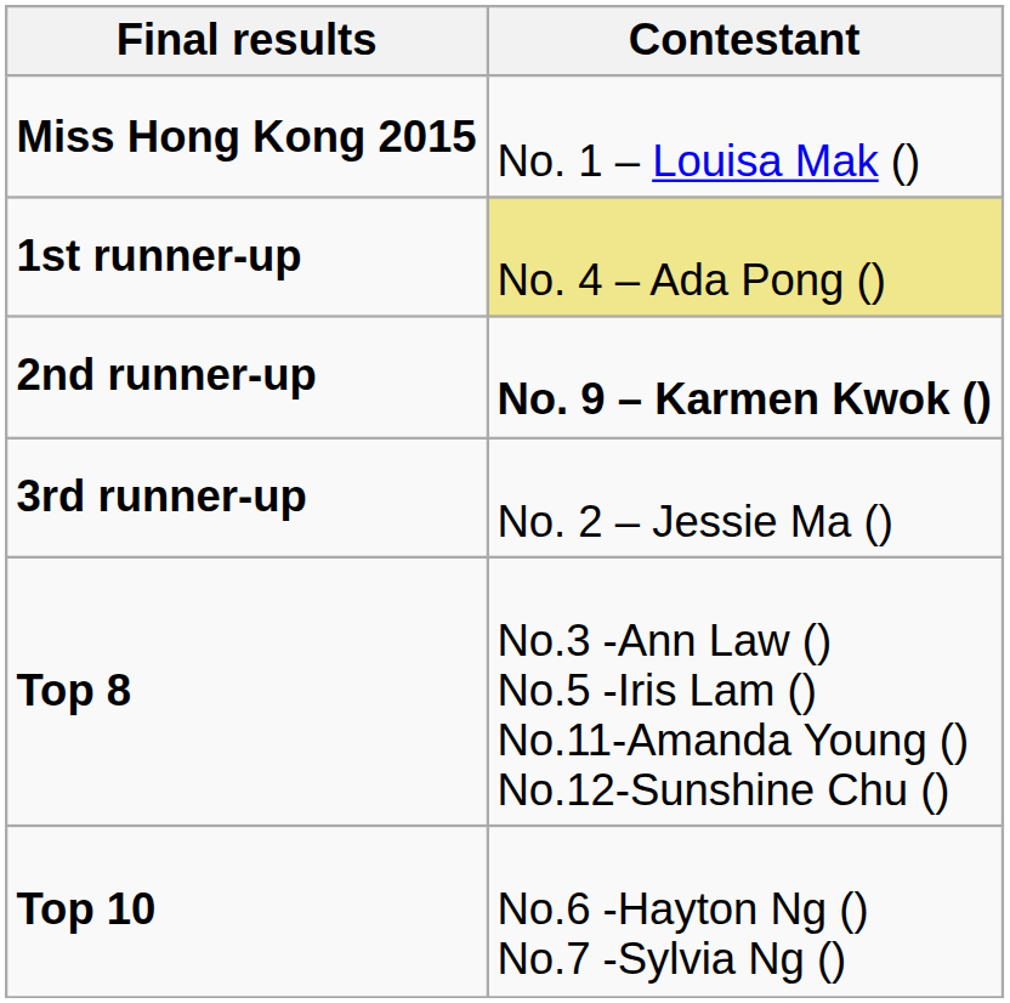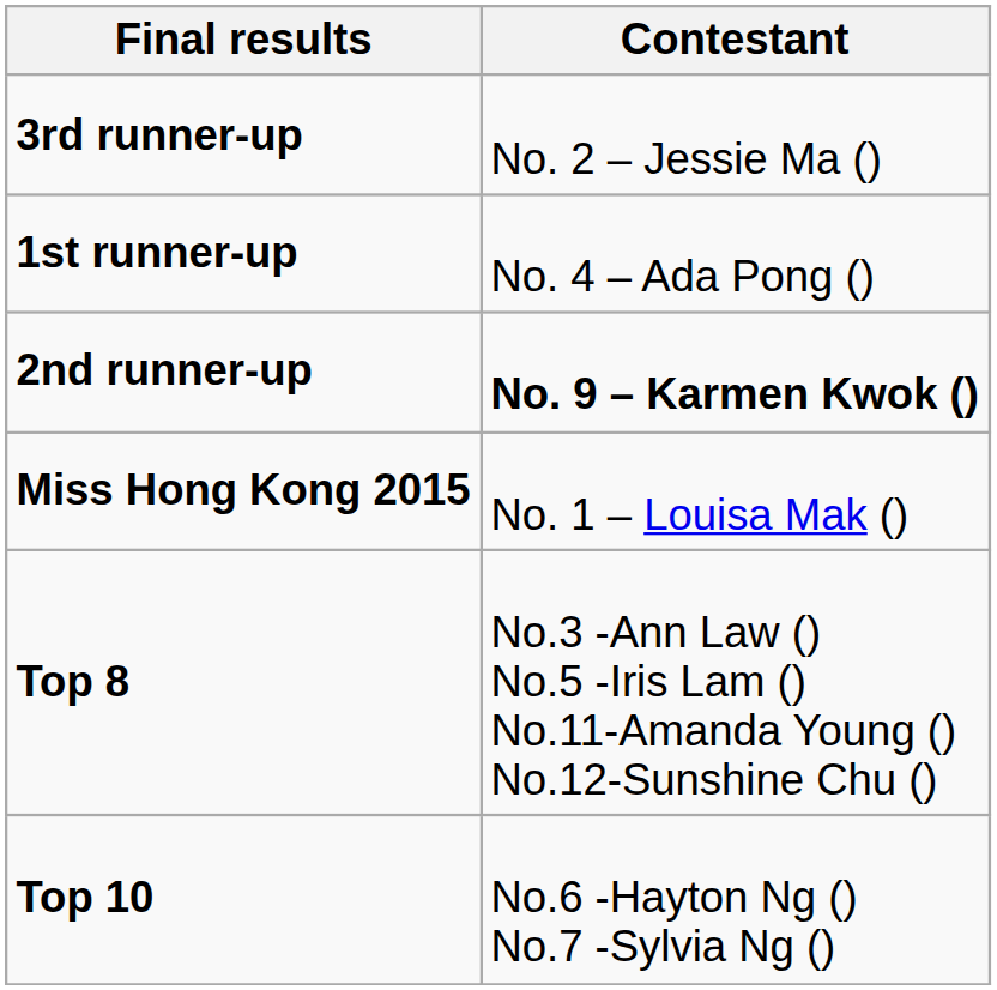 <table class="wikitable">
 <tr>
 <th>Final results</th>
 <th>Contestant</th>
 </tr>
 <tr>
-<td><strong>Miss Hong Kong 2015</strong></td>
-<td><br>No. 1 – <a href='#'>Louisa Mak</a> ()</td>
+<td><strong>3rd runner-up</strong></td>
+<td><br>No. 2 – Jessie Ma ()</td>
 </tr>
 <tr>
 <td><strong>1st runner-up</strong></td>
-<td style="background: khaki;"><br>No. 4 – Ada Pong ()</td>
+<td><br>No. 4 – Ada Pong ()</td>
 </tr>
 <tr>
 <td><strong>2nd runner-up</strong></td>
 <td><strong><br>No. 9 – Karmen Kwok ()</strong></td>
 </tr>
 <tr>
-<td><strong>3rd runner-up</strong></td>
-<td><br>No. 2 – Jessie Ma ()</td>
+<td><strong>Miss Hong Kong 2015</strong></td>
+<td><br>No. 1 – <a href='#'>Louisa Mak</a> ()</td>
 </tr>
 <tr>
 <td><strong>Top 8</strong></td>
 <td><br>No.3 -Ann Law ()<br>No.5 -Iris Lam ()<br> No.11-Amanda Young ()<br>No.12-Sunshine Chu ()</td>
 </tr>
 <tr>
 <td><strong>Top 10</strong></td>
 <td><br>No.6 -Hayton Ng ()<br>No.7 -Sylvia Ng ()</td>
 </tr>
 </table>
